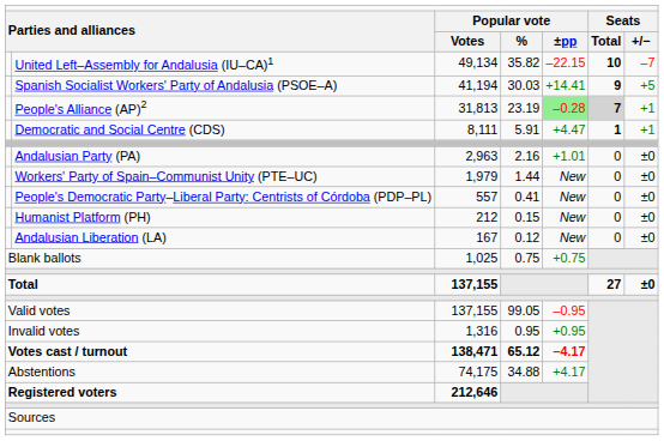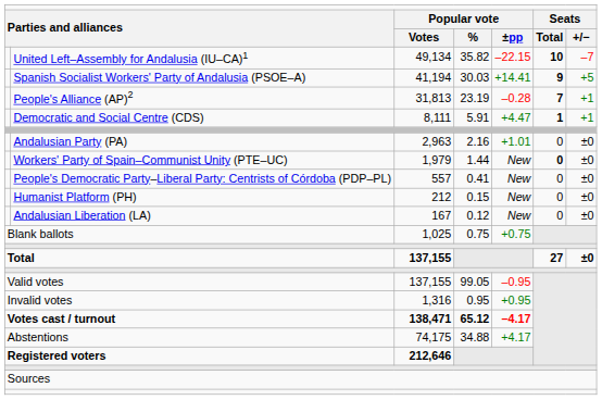 <table class="wikitable" style="text-align:right;">
 <tr>
 <td colspan="7"></td>
 </tr>
 <tr>
 <th style="text-align:left;" rowspan="2" colspan="2" width="525">Parties and alliances</th>
 <th colspan="3">Popular vote</th>
 <th colspan="2">Seats</th>
 </tr>
 <tr>
 <th width="75">Votes</th>
 <th width="45">%</th>
 <th width="45">±<a href='#'>pp</a></th>
 <th width="35">Total</th>
 <th width="35">+/−</th>
 </tr>
 <tr>
 <td width="1" style="color:inherit;background:"></td>
 <td align="left"><a href='#'>United Left–Assembly for Andalusia</a> (IU–CA)<sup>1</sup></td>
 <td>49,134</td>
 <td>35.82</td>
 <td style="color:red;">–22.15</td>
 <td><strong>10</strong></td>
 <td style="color:red;">–7</td>
 </tr>
 <tr>
 <td style="color:inherit;background:"></td>
 <td align="left"><a href='#'>Spanish Socialist Workers' Party of Andalusia</a> (PSOE–A)</td>
 <td>41,194</td>
 <td>30.03</td>
 <td style="color:green;">+14.41</td>
 <td><strong>9</strong></td>
 <td style="color:green;">+5</td>
 </tr>
 <tr>
 <td style="color:inherit;background:"></td>
 <td align="left"><a href='#'>People's Alliance</a> (AP)<sup>2</sup></td>
 <td>31,813</td>
 <td>23.19</td>
-<td style="background: lightgreen; color:red;">–0.28</td>
-<td style="background: lightgrey;"><strong>7</strong></td>
+<td style="color:red;">–0.28</td>
+<td><strong>7</strong></td>
 <td style="color:green;">+1</td>
 </tr>
 <tr>
 <td style="color:inherit;background:"></td>
 <td align="left"><a href='#'>Democratic and Social Centre</a> (CDS)</td>
 <td>8,111</td>
 <td>5.91</td>
 <td style="color:green;">+4.47</td>
 <td><strong>1</strong></td>
 <td style="color:green;">+1</td>
 </tr>
 <tr>
 <td colspan="7" bgcolor="#C0C0C0"></td>
 </tr>
 <tr>
 <td style="color:inherit;background:"></td>
 <td align="left"><a href='#'>Andalusian Party</a> (PA)</td>
 <td>2,963</td>
 <td>2.16</td>
 <td style="color:green;">+1.01</td>
 <td>0</td>
 <td>±0</td>
 </tr>
 <tr>
 <td style="color:inherit;background:"></td>
 <td align="left"><a href='#'>Workers' Party of Spain–Communist Unity</a> (PTE–UC)</td>
 <td>1,979</td>
 <td>1.44</td>
 <td><em>New</em></td>
-<td>0</td>
+<td><strong>0</strong></td>
 <td>±0</td>
 </tr>
 <tr>
 <td style="color:inherit;background:"></td>
 <td align="left"><a href='#'>People's Democratic Party</a>–<a href='#'>Liberal Party: Centrists of Córdoba</a> (PDP–PL)</td>
 <td>557</td>
 <td>0.41</td>
 <td><em>New</em></td>
 <td>0</td>
 <td>±0</td>
 </tr>
 <tr>
 <td style="color:inherit;background:"></td>
 <td align="left"><a href='#'>Humanist Platform</a> (PH)</td>
 <td>212</td>
 <td>0.15</td>
 <td><em>New</em></td>
 <td>0</td>
 <td>±0</td>
 </tr>
 <tr>
 <td style="color:inherit;background:"></td>
 <td align="left"><a href='#'>Andalusian Liberation</a> (LA)</td>
 <td>167</td>
 <td>0.12</td>
 <td><em>New</em></td>
 <td>0</td>
 <td>±0</td>
 </tr>
 <tr>
 <td align="left" colspan="2">Blank ballots</td>
 <td>1,025</td>
 <td>0.75</td>
 <td style="color:green;">+0.75</td>
 <td bgcolor="#E9E9E9" colspan="2"></td>
 </tr>
 <tr>
 <td colspan="7" bgcolor="#E9E9E9"></td>
 </tr>
 <tr style="font-weight:bold;">
 <td align="left" colspan="2">Total</td>
 <td>137,155</td>
 <td bgcolor="#E9E9E9" colspan="2"></td>
 <td>27</td>
 <td>±0</td>
 </tr>
 <tr>
 <td colspan="7" bgcolor="#E9E9E9"></td>
 </tr>
 <tr>
 <td align="left" colspan="2">Valid votes</td>
 <td>137,155</td>
 <td>99.05</td>
 <td style="color:red;">–0.95</td>
 <td bgcolor="#E9E9E9" colspan="2" rowspan="5"></td>
 </tr>
 <tr>
 <td align="left" colspan="2">Invalid votes</td>
 <td>1,316</td>
 <td>0.95</td>
 <td style="color:green;">+0.95</td>
 </tr>
 <tr style="font-weight:bold;">
 <td align="left" colspan="2">Votes cast / turnout</td>
 <td>138,471</td>
 <td>65.12</td>
 <td style="color:red;">–4.17</td>
 </tr>
 <tr>
 <td align="left" colspan="2">Abstentions</td>
 <td>74,175</td>
 <td>34.88</td>
 <td style="color:green;">+4.17</td>
 </tr>
 <tr style="font-weight:bold;">
 <td align="left" colspan="2">Registered voters</td>
 <td>212,646</td>
 <td bgcolor="#E9E9E9" colspan="2"></td>
 </tr>
 <tr>
 <td colspan="7" bgcolor="#E9E9E9"></td>
 </tr>
 <tr>
 <td align="left" colspan="7">Sources</td>
 </tr>
 <tr>
 <td colspan="7" style="text-align:left; max-width:790px;"></td>
 </tr>
 </table>
